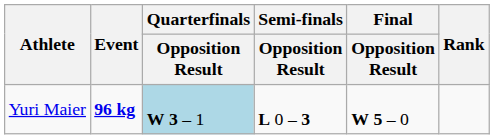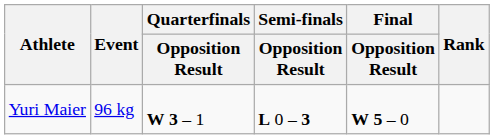 <table class="wikitable" border="1" style="font-size:90%">
 <tr>
 <th rowspan=2>Athlete</th>
 <th rowspan=2>Event</th>
 <th>Quarterfinals</th>
 <th>Semi-finals</th>
 <th>Final</th>
 <th rowspan=2>Rank</th>
 </tr>
 <tr>
 <th>Opposition<br>Result</th>
 <th>Opposition<br>Result</th>
 <th>Opposition<br>Result</th>
 </tr>
 <tr>
 <td><a href='#'>Yuri Maier</a></td>
-<td><strong><a href='#'>96 kg</a></strong></td>
-<td style="background: lightblue;"><br><strong>W</strong> <strong>3</strong> – 1</td>
+<td><a href='#'>96 kg</a></td>
+<td><br><strong>W</strong> <strong>3</strong> – 1</td>
 <td><br><strong>L</strong> 0 – <strong>3</strong></td>
 <td><br><strong>W</strong> <strong>5</strong> – 0</td>
 <td align=center></td>
 </tr>
 </table>
